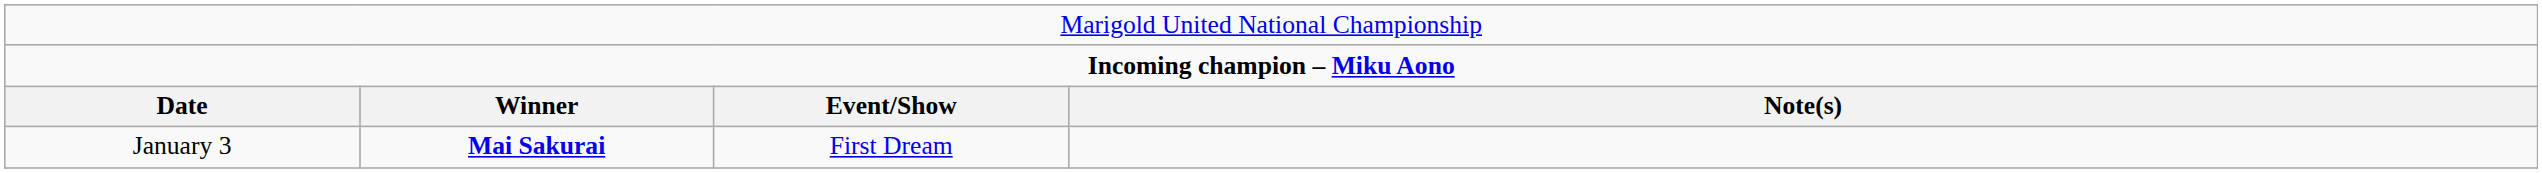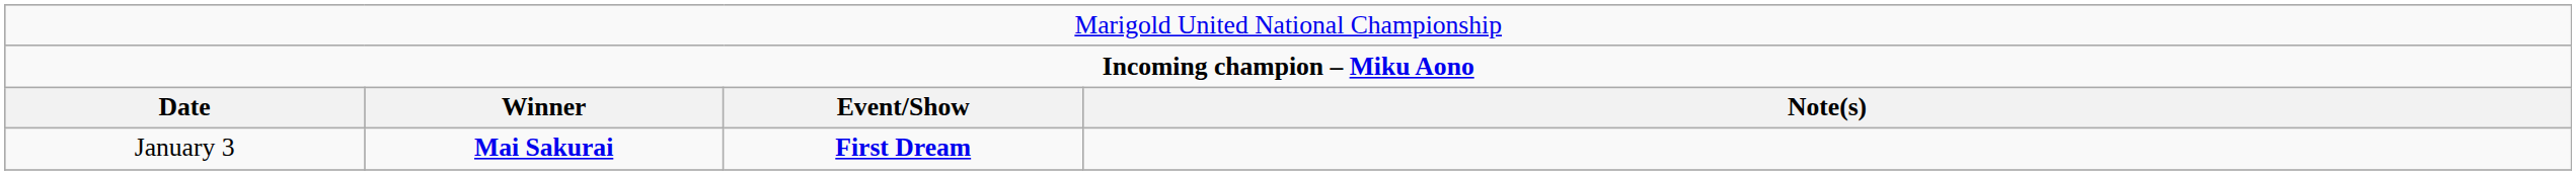 <table class="wikitable" style="text-align:center; width:100%;">
 <tr>
 <td colspan="4" style="text-align: center;"><a href='#'>Marigold United National Championship</a></td>
 </tr>
 <tr>
 <td colspan="4" style="text-align: center;"><strong>Incoming champion – <a href='#'>Miku Aono</a></strong></td>
 </tr>
 <tr>
 <th width=14%>Date</th>
 <th width=14%>Winner</th>
 <th width=14%>Event/Show</th>
 <th width=58%>Note(s)</th>
 </tr>
 <tr>
 <td>January 3</td>
 <td><strong><a href='#'>Mai Sakurai</a></strong></td>
-<td><a href='#'>First Dream</a></td>
+<td><strong><a href='#'>First Dream</a></strong></td>
 <td></td>
 </tr>
 </table>
